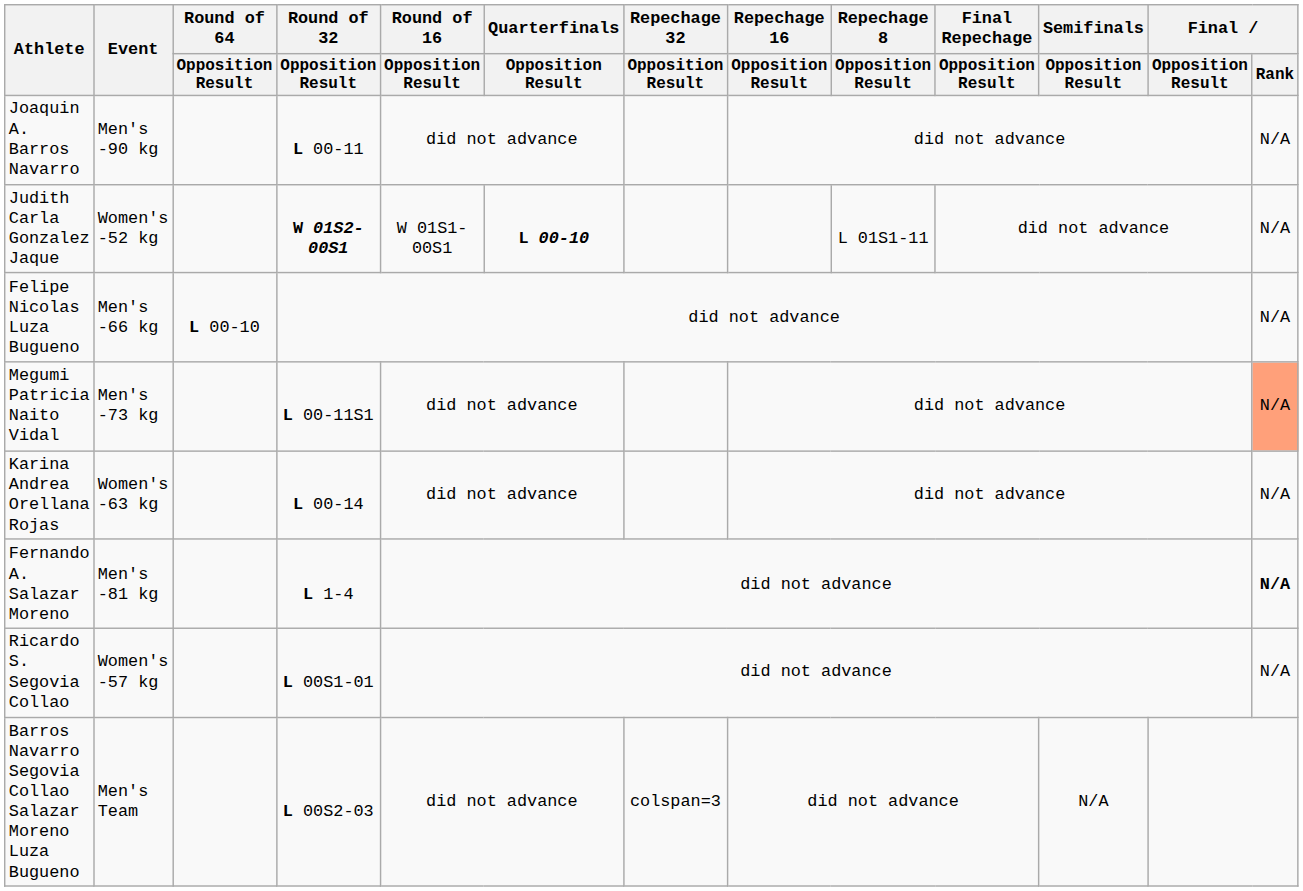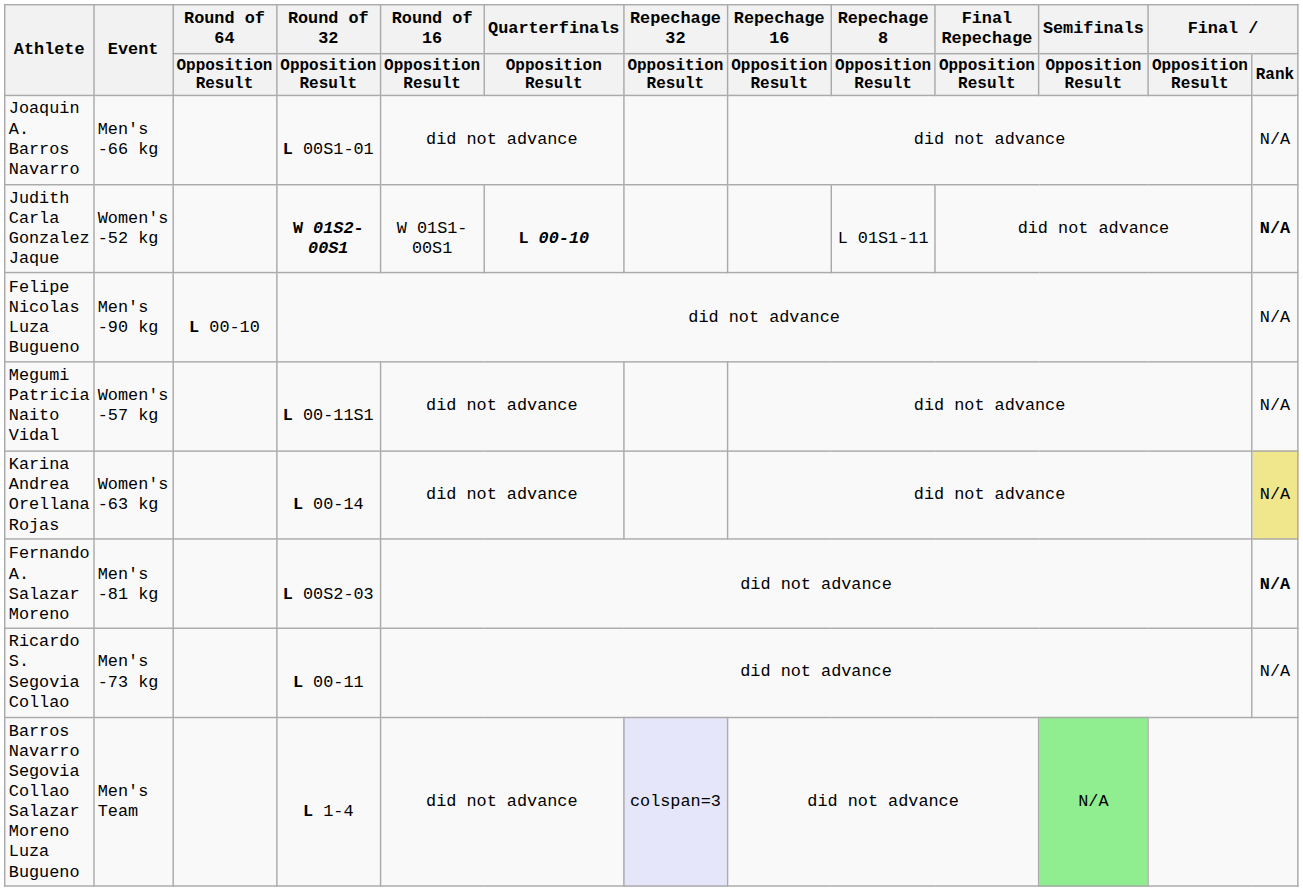 <table class="wikitable" style="font-size:90%">
 <tr>
 <th rowspan="2">Athlete</th>
 <th rowspan="2">Event</th>
 <th>Round of 64</th>
 <th>Round of 32</th>
 <th>Round of 16</th>
 <th>Quarterfinals</th>
 <th>Repechage 32</th>
 <th>Repechage 16</th>
 <th>Repechage 8</th>
 <th>Final Repechage</th>
 <th>Semifinals</th>
 <th colspan=2>Final / </th>
 </tr>
 <tr style="font-size:95%">
 <th>Opposition<br>Result</th>
 <th>Opposition<br>Result</th>
 <th>Opposition<br>Result</th>
 <th>Opposition<br>Result</th>
 <th>Opposition<br>Result</th>
 <th>Opposition<br>Result</th>
 <th>Opposition<br>Result</th>
 <th>Opposition<br>Result</th>
 <th>Opposition<br>Result</th>
 <th>Opposition<br>Result</th>
 <th>Rank</th>
 </tr>
 <tr align=center>
 <td align=left>Joaquin A. Barros Navarro</td>
-<td align=left>Men's -90 kg</td>
+<td align=left>Men's -66 kg</td>
 <td></td>
-<td><br><strong>L</strong> 00-11</td>
+<td><br><strong>L</strong> 00S1-01</td>
 <td colspan=2>did not advance</td>
 <td></td>
 <td colspan=5>did not advance</td>
 <td>N/A</td>
 </tr>
 <tr align=center>
 <td align=left>Judith Carla Gonzalez Jaque</td>
 <td align=left>Women's -52 kg</td>
 <td></td>
 <td><br><strong>W<em> 01S2-00S1</td>
 <td><br></strong>W</em> 01S1-00S1</td>
 <td><br><strong>L<em> 00-10</td>
 <td></td>
 <td></td>
 <td><br></strong>L</em> 01S1-11</td>
 <td colspan=3>did not advance</td>
-<td>N/A</td>
+<td><strong>N/A</strong></td>
 </tr>
 <tr align=center>
 <td align=left>Felipe Nicolas Luza Bugueno</td>
-<td align=left>Men's -66 kg</td>
+<td align=left>Men's -90 kg</td>
 <td><br><strong>L</strong> 00-10</td>
 <td colspan=9>did not advance</td>
 <td>N/A</td>
 </tr>
 <tr align=center>
 <td align=left>Megumi Patricia Naito Vidal</td>
-<td align=left>Men's -73 kg</td>
+<td align=left>Women's -57 kg</td>
 <td></td>
 <td><br><strong>L</strong> 00-11S1</td>
 <td colspan=2>did not advance</td>
 <td></td>
 <td colspan=5>did not advance</td>
-<td style="background: lightsalmon;">N/A</td>
+<td>N/A</td>
 </tr>
 <tr align=center>
 <td align=left>Karina Andrea Orellana Rojas</td>
 <td align=left>Women's -63 kg</td>
 <td></td>
 <td><br><strong>L</strong> 00-14</td>
 <td colspan=2>did not advance</td>
 <td></td>
 <td colspan=5>did not advance</td>
-<td>N/A</td>
+<td style="background: khaki;">N/A</td>
 </tr>
 <tr align=center>
 <td align=left>Fernando A. Salazar Moreno</td>
 <td align=left>Men's -81 kg</td>
 <td></td>
-<td><br><strong>L</strong> 1-4</td>
+<td><br><strong>L</strong> 00S2-03</td>
 <td colspan=8>did not advance</td>
 <td><strong>N/A</strong></td>
 </tr>
 <tr align=center>
 <td align=left>Ricardo S. Segovia Collao</td>
-<td align=left>Women's -57 kg</td>
+<td align=left>Men's -73 kg</td>
 <td></td>
-<td><br><strong>L</strong> 00S1-01</td>
+<td><br><strong>L</strong> 00-11</td>
 <td colspan=8>did not advance</td>
 <td>N/A</td>
 </tr>
 <tr align=center>
 <td align=left>Barros Navarro<br>Segovia Collao<br>Salazar Moreno<br>Luza Bugueno</td>
 <td align=left>Men's Team</td>
 <td></td>
-<td><br><strong>L</strong> 00S2-03</td>
+<td><br><strong>L</strong> 1-4</td>
 <td colspan=2>did not advance</td>
-<td>colspan=3 </td>
+<td style="background: lavender;">colspan=3 </td>
 <td colspan=3>did not advance</td>
-<td>N/A</td>
+<td style="background: lightgreen;">N/A</td>
 </tr>
 </table>
